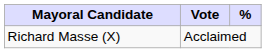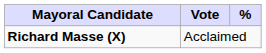 <table class="wikitable">
 <tr>
 <th style="background:#ddf; width:200px;">Mayoral Candidate</th>
 <th style="background:#ddf; width:50px;">Vote</th>
 <th style="background:#ddf; width:30px;">%</th>
 </tr>
 <tr>
-<td>Richard Masse (X)</td>
+<td><strong>Richard Masse (X)</strong></td>
 <td colspan="2">Acclaimed</td>
 </tr>
 </table>
